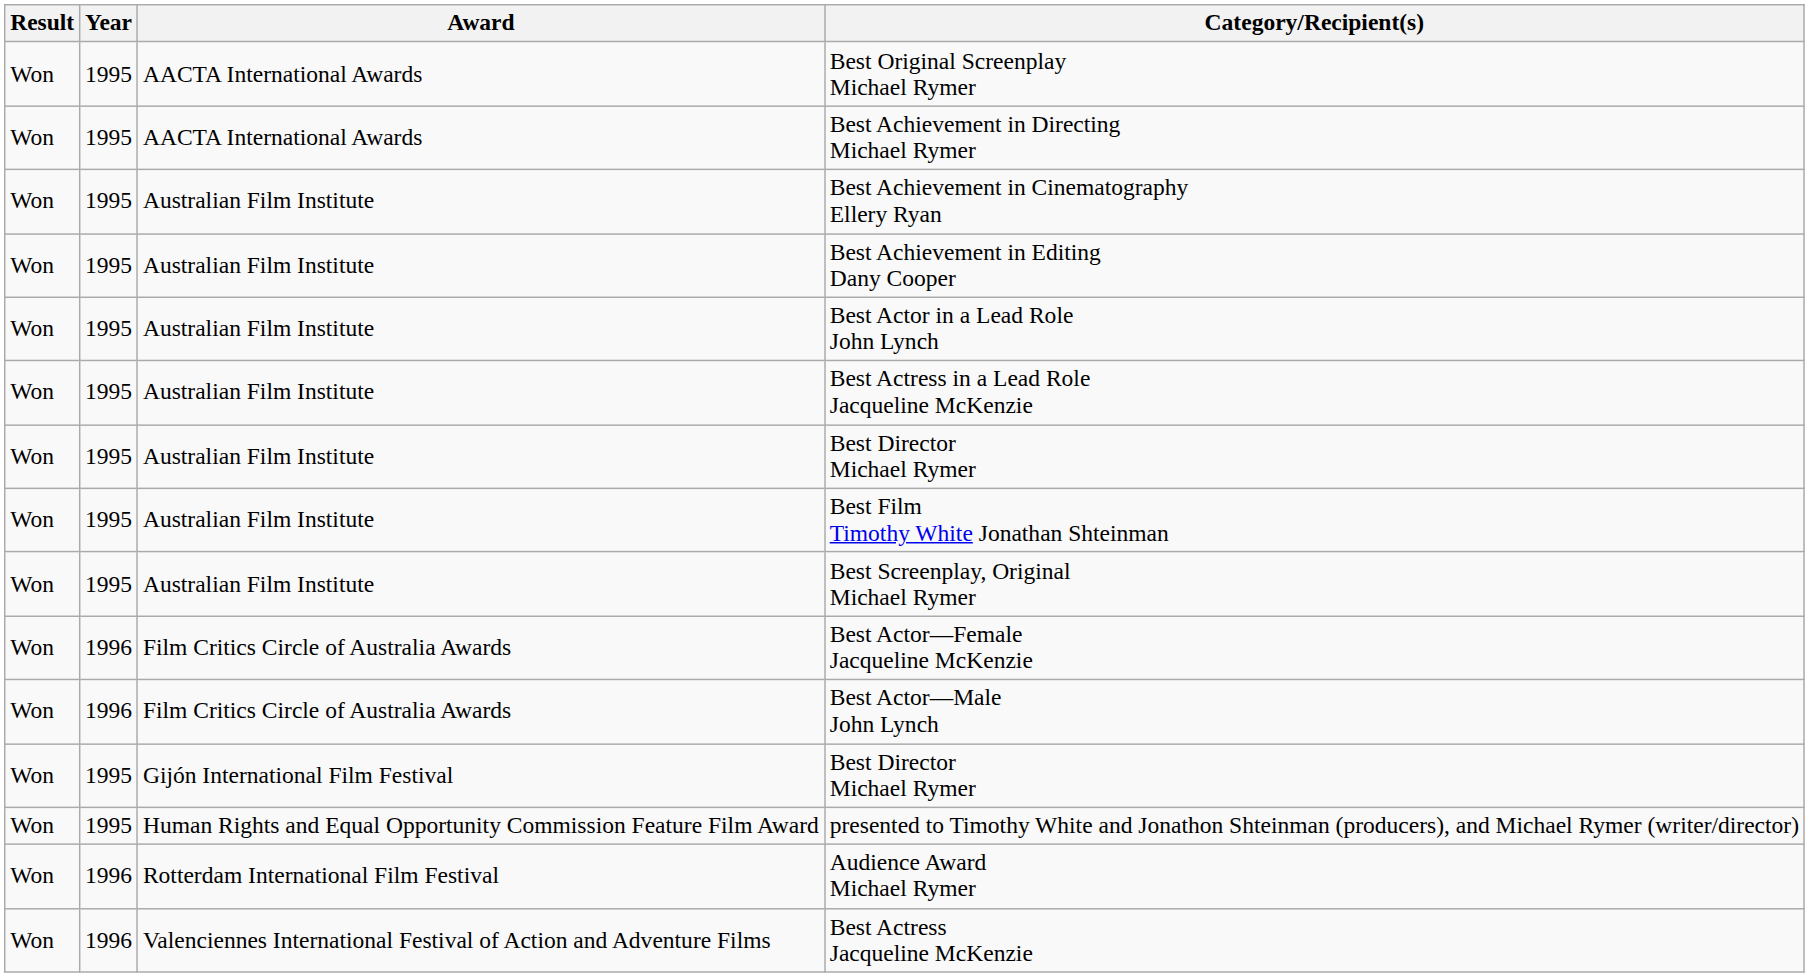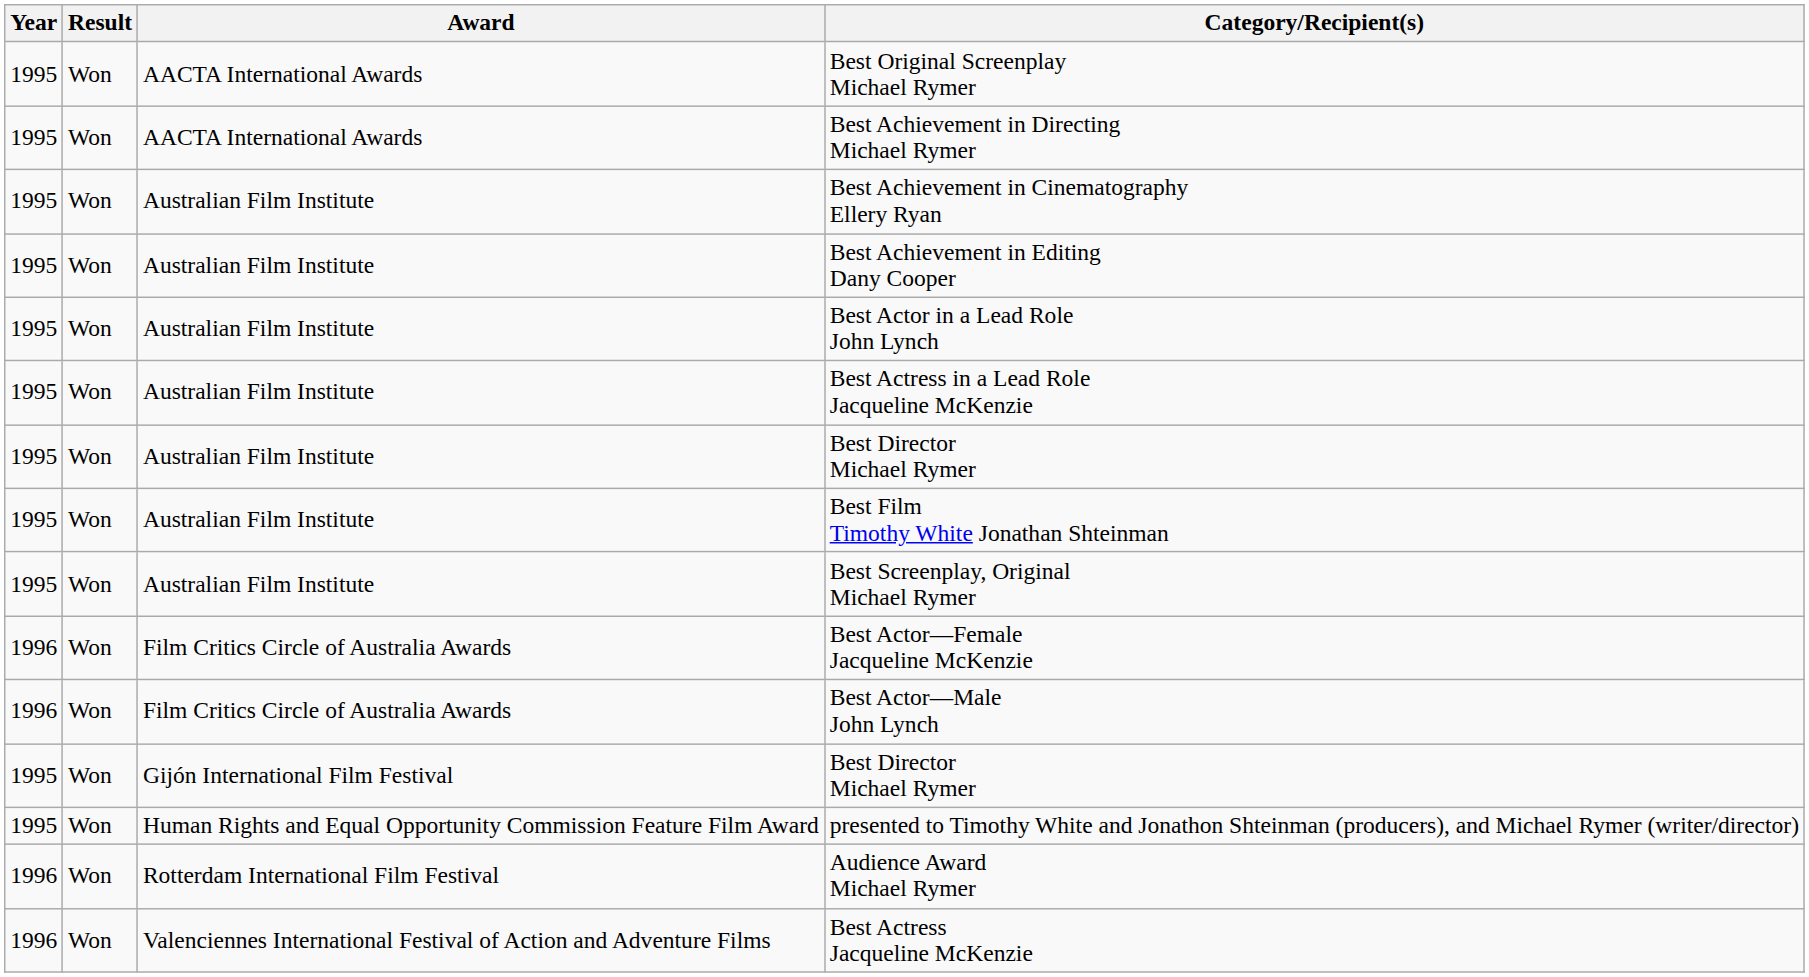 <table class="wikitable">
 <tr>
+<th>Year</th>
 <th>Result</th>
-<th>Year</th>
 <th>Award</th>
 <th>Category/Recipient(s)</th>
 </tr>
 <tr>
+<td>1995</td>
 <td>Won</td>
-<td>1995</td>
 <td>AACTA International Awards</td>
 <td>Best Original Screenplay<br>Michael Rymer</td>
 </tr>
 <tr>
+<td>1995</td>
 <td>Won</td>
-<td>1995</td>
 <td>AACTA International Awards</td>
 <td>Best Achievement in Directing<br>Michael Rymer</td>
 </tr>
 <tr>
+<td>1995</td>
 <td>Won</td>
-<td>1995</td>
 <td>Australian Film Institute</td>
 <td>Best Achievement in Cinematography<br>Ellery Ryan</td>
 </tr>
 <tr>
+<td>1995</td>
 <td>Won</td>
-<td>1995</td>
 <td>Australian Film Institute</td>
 <td>Best Achievement in Editing<br>Dany Cooper</td>
 </tr>
 <tr>
+<td>1995</td>
 <td>Won</td>
-<td>1995</td>
 <td>Australian Film Institute</td>
 <td>Best Actor in a Lead Role<br>John Lynch</td>
 </tr>
 <tr>
+<td>1995</td>
 <td>Won</td>
-<td>1995</td>
 <td>Australian Film Institute</td>
 <td>Best Actress in a Lead Role<br>Jacqueline McKenzie</td>
 </tr>
 <tr>
+<td>1995</td>
 <td>Won</td>
-<td>1995</td>
 <td>Australian Film Institute</td>
 <td>Best Director<br>Michael Rymer</td>
 </tr>
 <tr>
+<td>1995</td>
 <td>Won</td>
-<td>1995</td>
 <td>Australian Film Institute</td>
 <td>Best Film<br><a href='#'>Timothy White</a> Jonathan Shteinman</td>
 </tr>
 <tr>
+<td>1995</td>
 <td>Won</td>
-<td>1995</td>
 <td>Australian Film Institute</td>
 <td>Best Screenplay, Original<br>Michael Rymer</td>
 </tr>
 <tr>
+<td>1996</td>
 <td>Won</td>
-<td>1996</td>
 <td>Film Critics Circle of Australia Awards</td>
 <td>Best Actor—Female<br>Jacqueline McKenzie</td>
 </tr>
 <tr>
+<td>1996</td>
 <td>Won</td>
-<td>1996</td>
 <td>Film Critics Circle of Australia Awards</td>
 <td>Best Actor—Male<br>John Lynch</td>
 </tr>
 <tr>
+<td>1995</td>
 <td>Won</td>
-<td>1995</td>
 <td>Gijón International Film Festival</td>
 <td>Best Director<br>Michael Rymer</td>
 </tr>
 <tr>
+<td>1995</td>
 <td>Won</td>
-<td>1995</td>
 <td>Human Rights and Equal Opportunity Commission Feature Film Award</td>
 <td>presented to Timothy White and Jonathon Shteinman (producers), and Michael Rymer (writer/director)</td>
 </tr>
 <tr>
+<td>1996</td>
 <td>Won</td>
-<td>1996</td>
 <td>Rotterdam International Film Festival</td>
 <td>Audience Award<br>Michael Rymer</td>
 </tr>
 <tr>
+<td>1996</td>
 <td>Won</td>
-<td>1996</td>
 <td>Valenciennes International Festival of Action and Adventure Films</td>
 <td>Best Actress<br>Jacqueline McKenzie</td>
 </tr>
 </table>
